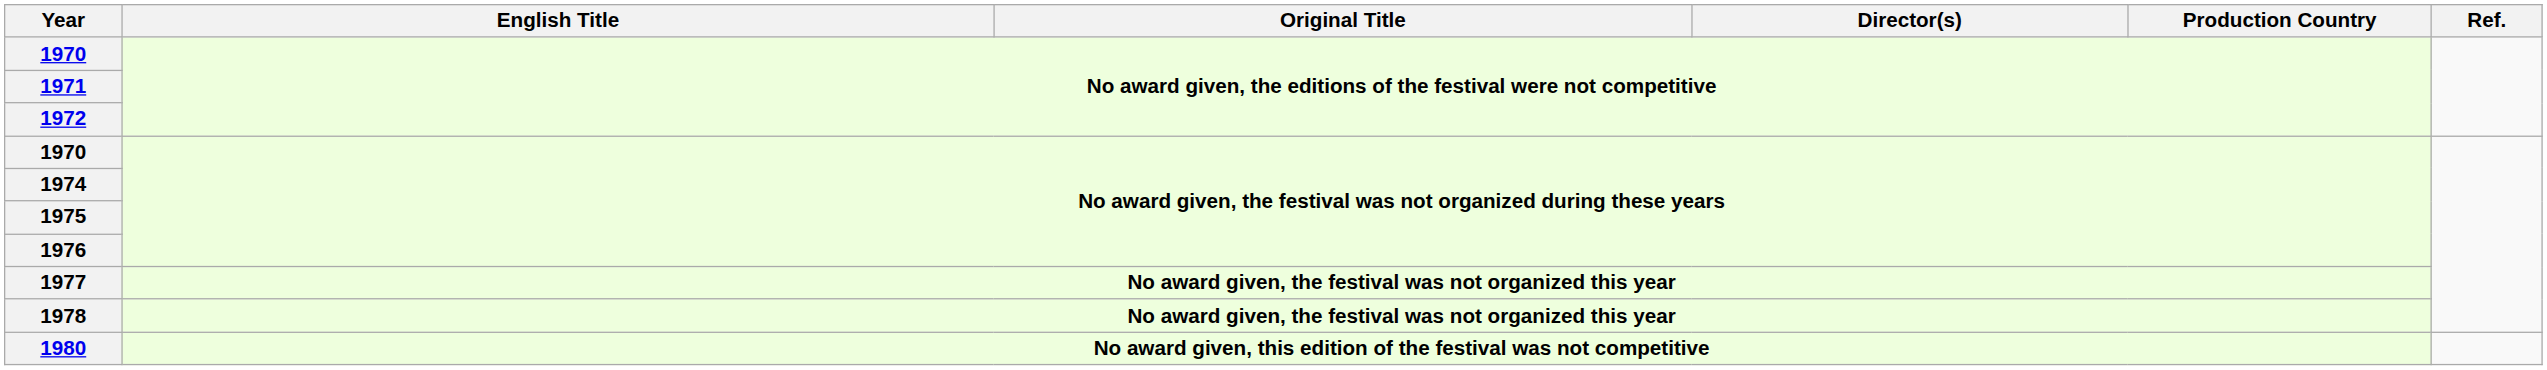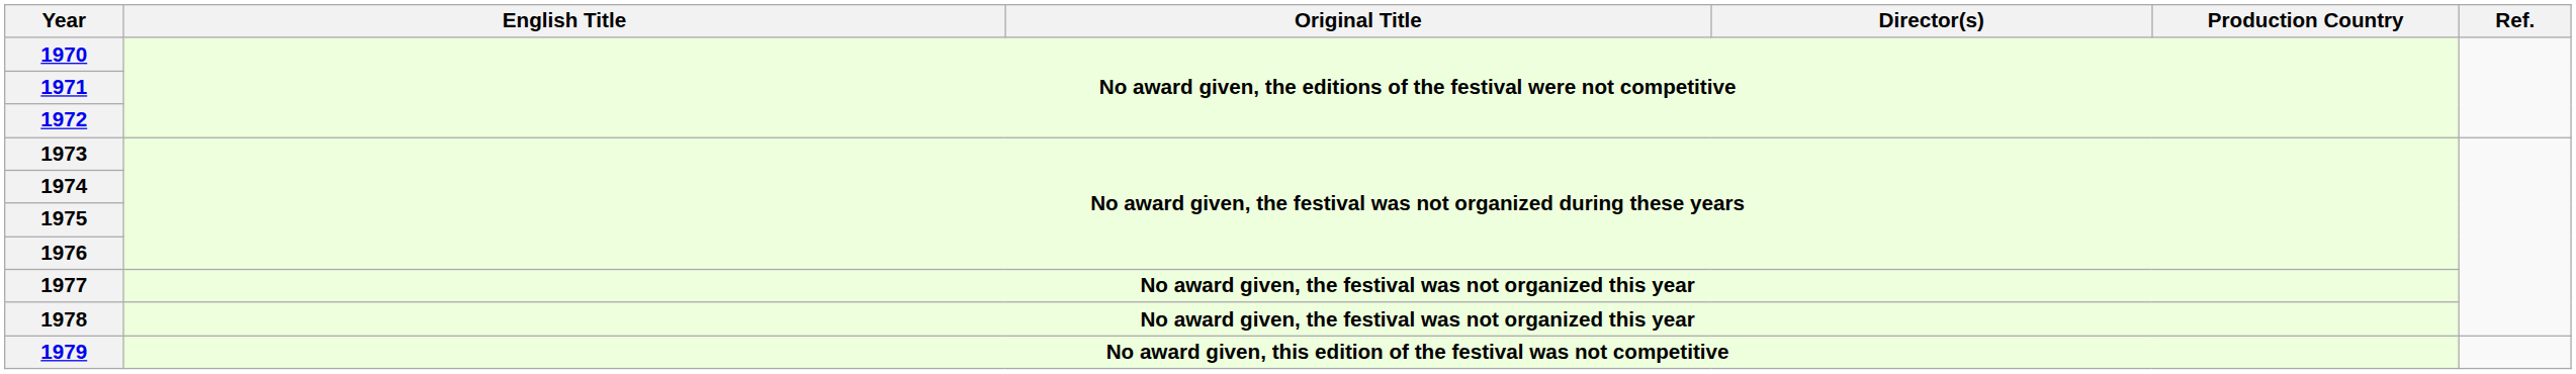 <table class="wikitable">
 <tr>
 <th scope="col" style="width:1%;">Year</th>
 <th scope="col" style="width:10%;">English Title</th>
 <th scope="col" style="width:8%;">Original Title</th>
 <th scope="col" style="width:5%;">Director(s)</th>
 <th scope="col" style="width:3%;">Production Country</th>
 <th scope="col" style="width:1%;" class="unsortable">Ref.</th>
 </tr>
 <tr>
 <th style="text-align:center;"><a href='#'>1970</a></th>
 <th colspan="4" rowspan="3" style="background-color:#EFD; padding-left:10%" data-sort-value="ω">No award given, the editions of the festival were not competitive</th>
 <td rowspan="3"></td>
 </tr>
 <tr>
 <th style="text-align:center;"><a href='#'>1971</a></th>
 </tr>
 <tr>
 <th style="text-align:center;"><a href='#'>1972</a></th>
 </tr>
 <tr>
-<th style="text-align:center;">1970</th>
+<th style="text-align:center;">1973</th>
 <th colspan="4" rowspan="4" style="background-color:#EFD; padding-left:10%" data-sort-value="ω">No award given, the festival was not organized during these years</th>
 <td rowspan="6"></td>
 </tr>
 <tr>
 <th>1974</th>
 </tr>
 <tr>
 <th>1975</th>
 </tr>
 <tr>
 <th>1976</th>
 </tr>
 <tr>
 <th style="text-align:center;">1977</th>
 <th colspan="4" style="background-color:#EFD; padding-left:10%" data-sort-value="ω">No award given, the festival was not organized this year</th>
 </tr>
 <tr>
 <th style="text-align:center;">1978</th>
 <th colspan="4" style="background-color:#EFD; padding-left:10%" data-sort-value="ω">No award given, the festival was not organized this year</th>
 </tr>
 <tr>
-<th style="text-align:center;"><a href='#'>1980</a></th>
+<th style="text-align:center;"><a href='#'>1979</a></th>
 <th colspan="4" style="background-color:#EFD; padding-left:10%" data-sort-value="ω">No award given, this edition of the festival was not competitive</th>
 <td></td>
 </tr>
 </table>
